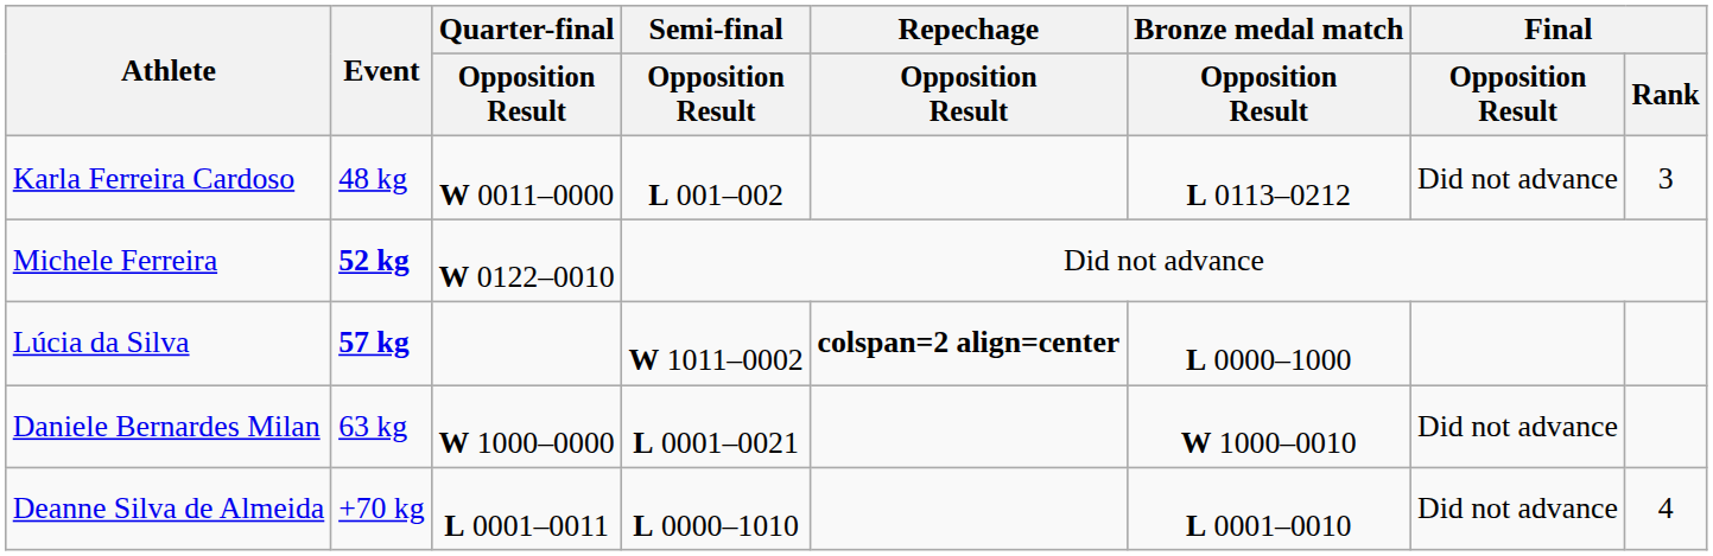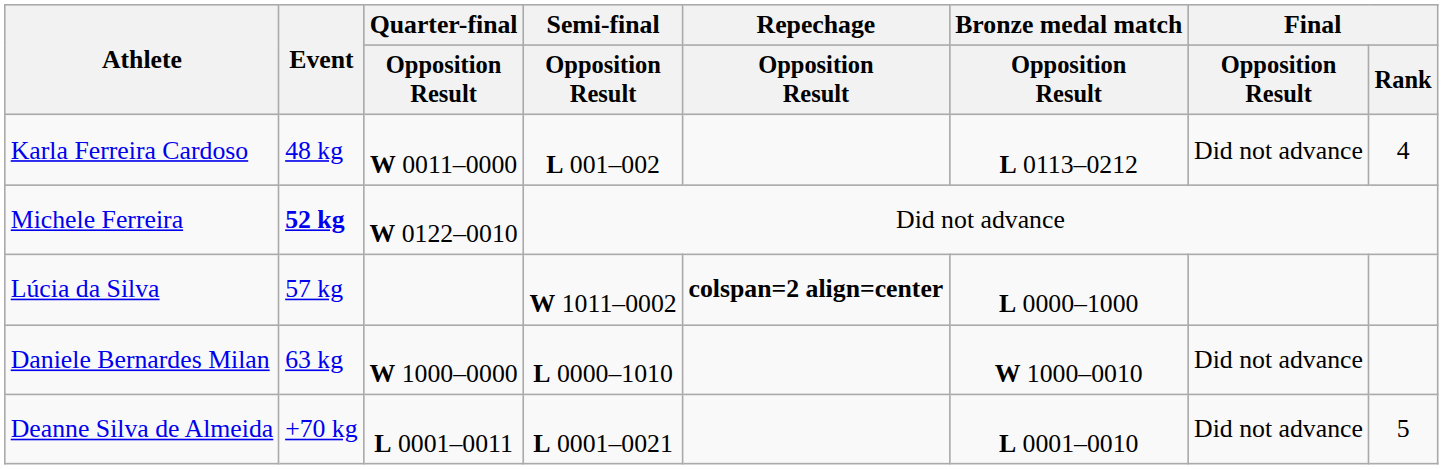 <table class="wikitable" border="1">
 <tr>
 <th rowspan="2">Athlete</th>
 <th rowspan="2">Event</th>
 <th>Quarter-final</th>
 <th>Semi-final</th>
 <th>Repechage</th>
 <th>Bronze medal match</th>
 <th colspan=2>Final</th>
 </tr>
 <tr style="font-size:95%">
 <th>Opposition<br>Result</th>
 <th>Opposition<br>Result</th>
 <th>Opposition<br>Result</th>
 <th>Opposition<br>Result</th>
 <th>Opposition<br>Result</th>
 <th>Rank</th>
 </tr>
 <tr>
 <td><a href='#'>Karla Ferreira Cardoso</a></td>
 <td><a href='#'>48 kg</a></td>
 <td align=center><br><strong>W</strong> 0011–0000</td>
 <td align=center><br><strong>L</strong> 001–002</td>
 <td></td>
 <td align=center><br><strong>L</strong> 0113–0212</td>
 <td align=center>Did not advance</td>
-<td align=center>3</td>
+<td align=center>4</td>
 </tr>
 <tr>
 <td><a href='#'>Michele Ferreira</a></td>
 <td><strong><a href='#'>52 kg</a></strong></td>
 <td align=center><br><strong>W</strong> 0122–0010</td>
 <td colspan=6 align=center>Did not advance</td>
 </tr>
 <tr>
 <td><a href='#'>Lúcia da Silva</a></td>
-<td><strong><a href='#'>57 kg</a></strong></td>
+<td><a href='#'>57 kg</a></td>
 <td></td>
 <td align=center><br><strong>W</strong> 1011–0002</td>
 <td><strong>colspan=2 align=center </strong></td>
 <td align=center><br><strong>L</strong> 0000–1000</td>
 <td align=center></td>
 </tr>
 <tr>
 <td><a href='#'>Daniele Bernardes Milan</a></td>
 <td><a href='#'>63 kg</a></td>
 <td align=center><br><strong>W</strong> 1000–0000</td>
-<td align=center><br><strong>L</strong> 0001–0021</td>
+<td align=center><br><strong>L</strong> 0000–1010</td>
 <td></td>
 <td align=center><br><strong>W</strong> 1000–0010</td>
 <td align=center>Did not advance</td>
 <td align=center></td>
 </tr>
 <tr>
 <td><a href='#'>Deanne Silva de Almeida</a></td>
 <td><a href='#'>+70 kg</a></td>
 <td align=center><br><strong>L</strong> 0001–0011</td>
-<td align=center><br><strong>L</strong> 0000–1010</td>
+<td align=center><br><strong>L</strong> 0001–0021</td>
 <td></td>
 <td align=center><br><strong>L</strong> 0001–0010</td>
 <td align=center>Did not advance</td>
-<td align=center>4</td>
+<td align=center>5</td>
 </tr>
 </table>
